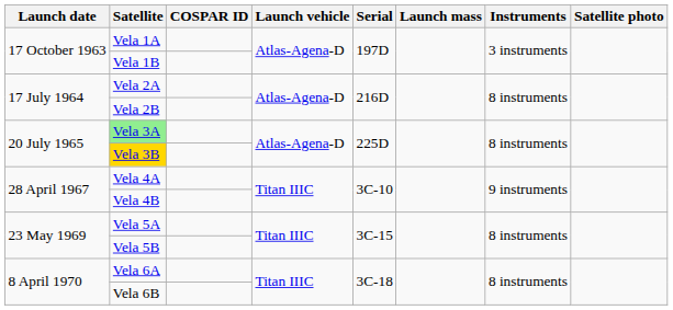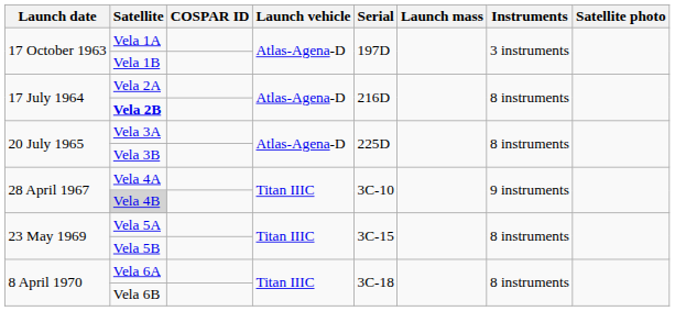 <table class="wikitable alternance centre">
 <tr>
 <th scope="col">Launch date</th>
 <th scope="col">Satellite</th>
 <th scope="col">COSPAR ID</th>
 <th scope="col">Launch vehicle</th>
 <th>Serial</th>
 <th scope="col">Launch mass</th>
 <th scope="col">Instruments</th>
 <th>Satellite photo</th>
 </tr>
 <tr>
 <td rowspan="2">17 October 1963</td>
 <td><a href='#'>Vela 1A</a></td>
 <td></td>
 <td rowspan="2"><a href='#'>Atlas-Agena</a>-D</td>
 <td rowspan="2">197D</td>
 <td rowspan="2"></td>
 <td rowspan="2">3 instruments</td>
 <td rowspan="2"></td>
 </tr>
 <tr>
 <td><a href='#'>Vela 1B</a></td>
 <td></td>
 </tr>
 <tr>
 <td rowspan="2">17 July 1964</td>
 <td><a href='#'>Vela 2A</a></td>
 <td></td>
 <td rowspan="2"><a href='#'>Atlas-Agena</a>-D</td>
 <td rowspan="2">216D</td>
 <td rowspan="2"></td>
 <td rowspan="2">8 instruments</td>
 <td rowspan="2"></td>
 </tr>
 <tr>
-<td><a href='#'>Vela 2B</a></td>
+<td><strong><a href='#'>Vela 2B</a></strong></td>
 <td></td>
 </tr>
 <tr>
 <td rowspan="2">20 July 1965</td>
-<td style="background: lightgreen;"><a href='#'>Vela 3A</a></td>
+<td><a href='#'>Vela 3A</a></td>
 <td></td>
 <td rowspan="2"><a href='#'>Atlas-Agena</a>-D</td>
 <td rowspan="2">225D</td>
 <td rowspan="2"></td>
 <td rowspan="2">8 instruments</td>
 <td rowspan="2"></td>
 </tr>
 <tr>
-<td style="background: gold;"><a href='#'>Vela 3B</a></td>
+<td><a href='#'>Vela 3B</a></td>
 <td></td>
 </tr>
 <tr>
 <td rowspan="2">28 April 1967</td>
 <td><a href='#'>Vela 4A</a></td>
 <td></td>
 <td rowspan="2"><a href='#'>Titan IIIC</a></td>
 <td rowspan="2">3C-10</td>
 <td rowspan="2"></td>
 <td rowspan="2">9 instruments</td>
 <td rowspan="2"></td>
 </tr>
 <tr>
-<td><a href='#'>Vela 4B</a></td>
+<td style="background: lightgrey;"><a href='#'>Vela 4B</a></td>
 <td></td>
 </tr>
 <tr>
 <td rowspan="2">23 May 1969</td>
 <td><a href='#'>Vela 5A</a></td>
 <td></td>
 <td rowspan="2"><a href='#'>Titan IIIC</a></td>
 <td rowspan="2">3C-15</td>
 <td rowspan="2"></td>
 <td rowspan="2">8 instruments</td>
 <td rowspan="2"></td>
 </tr>
 <tr>
 <td><a href='#'>Vela 5B</a></td>
 <td></td>
 </tr>
 <tr>
 <td rowspan="2">8 April 1970</td>
 <td><a href='#'>Vela 6A</a></td>
 <td></td>
 <td rowspan="2"><a href='#'>Titan IIIC</a></td>
 <td rowspan="2">3C-18</td>
 <td rowspan="2"></td>
 <td rowspan="2">8 instruments</td>
 <td rowspan="2"></td>
 </tr>
 <tr>
 <td>Vela 6B</td>
 <td></td>
 </tr>
 </table>
